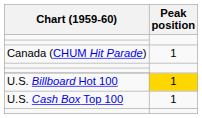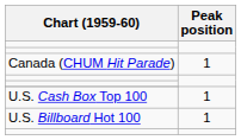 <table class="wikitable">
 <tr>
 <th>Chart (1959-60)</th>
 <th>Peak<br>position</th>
 </tr>
 <tr>
 <td></td>
 </tr>
 <tr>
 <td></td>
 </tr>
 <tr>
 <td>Canada (<a href='#'>CHUM <em>Hit Parade</em></a>)</td>
 <td align="center">1</td>
 </tr>
 <tr>
 <td></td>
 </tr>
 <tr>
 <td></td>
 </tr>
 <tr>
 </tr>
 <tr>
-<td>U.S. <a href='#'><em>Billboard</em> Hot 100</a></td>
-<td align="center" style="background: gold;">1</td>
+<td>U.S. <a href='#'><em>Cash Box</em> Top 100</a></td>
+<td align="center">1</td>
 </tr>
 <tr>
-<td>U.S. <a href='#'><em>Cash Box</em> Top 100</a></td>
+<td>U.S. <a href='#'><em>Billboard</em> Hot 100</a></td>
 <td align="center">1</td>
 </tr>
 <tr>
 <td></td>
 </tr>
 </table>
